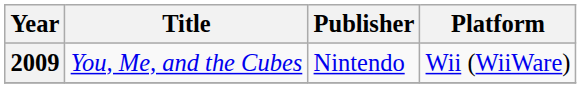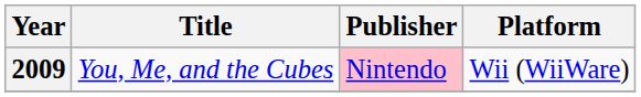 <table class="wikitable sortable">
 <tr>
 <th>Year</th>
 <th>Title</th>
 <th>Publisher</th>
 <th>Platform</th>
 </tr>
 <tr>
 <th rowspan="1">2009</th>
 <td><em><a href='#'>You, Me, and the Cubes</a></em></td>
-<td><a href='#'>Nintendo</a></td>
+<td style="background: pink;"><a href='#'>Nintendo</a></td>
 <td><a href='#'>Wii</a> (<a href='#'>WiiWare</a>)</td>
 </tr>
 <tr>
 </tr>
 </table>
